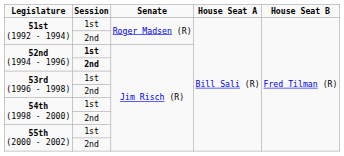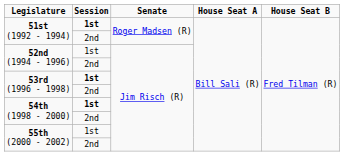 <table class=wikitable style="text-align:center">
 <tr>
 <td><strong>Legislature</strong></td>
 <td><strong>Session</strong></td>
 <td><strong>Senate</strong></td>
 <td><strong>House Seat A</strong></td>
 <td><strong>House Seat B</strong></td>
 </tr>
 <tr>
 <td rowspan="2" colspan="1" style="text-align: center;"><strong>51st</strong> <br> (1992 - 1994)</td>
-<td>1st</td>
+<td><strong>1st</strong></td>
 <td rowspan="2" colspan="1" style="text-align: center;" ><a href='#'>Roger Madsen</a> (R)</td>
 <td rowspan="10" colspan="1" style="text-align: center;" ><a href='#'>Bill Sali</a> (R)</td>
 <td rowspan="10" colspan="1" style="text-align: center;" ><a href='#'>Fred Tilman</a> (R)</td>
 </tr>
 <tr>
 <td>2nd</td>
 </tr>
 <tr>
 <td rowspan="2" colspan="1" style="text-align: center;"><strong>52nd</strong> <br> (1994 - 1996)</td>
-<td><strong>1st</strong></td>
+<td>1st</td>
 <td rowspan="8" colspan="1" style="text-align: center;" ><a href='#'>Jim Risch</a> (R)</td>
 </tr>
 <tr>
-<td><strong>2nd</strong></td>
+<td>2nd</td>
 </tr>
 <tr>
 <td rowspan="2" colspan="1" style="text-align: center;"><strong>53rd</strong> <br> (1996 - 1998)</td>
-<td>1st</td>
+<td><strong>1st</strong></td>
 </tr>
 <tr>
 <td>2nd</td>
 </tr>
 <tr>
 <td rowspan="2" colspan="1" style="text-align: center;"><strong>54th</strong> <br> (1998 - 2000)</td>
-<td>1st</td>
+<td><strong>1st</strong></td>
 </tr>
 <tr>
 <td>2nd</td>
 </tr>
 <tr>
 <td rowspan="2" colspan="1" style="text-align: center;"><strong>55th</strong> <br> (2000 - 2002)</td>
 <td>1st</td>
 </tr>
 <tr>
 <td>2nd</td>
 </tr>
 </table>
